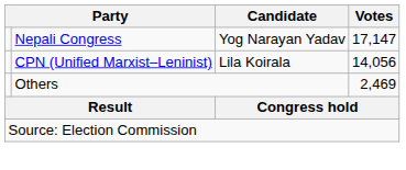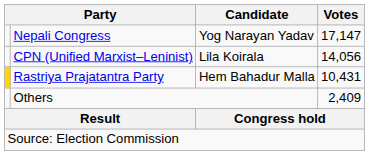 <table class="wikitable">
 <tr>
 <th colspan="2">Party</th>
 <th>Candidate</th>
 <th>Votes</th>
 </tr>
 <tr>
 <td style="background-color:"></td>
 <td><a href='#'>Nepali Congress</a></td>
 <td>Yog Narayan Yadav</td>
 <td style="text-align:right">17,147</td>
 </tr>
 <tr>
 <td style="background-color:"></td>
 <td><a href='#'>CPN (Unified Marxist–Leninist)</a></td>
 <td>Lila Koirala</td>
 <td style="text-align:right">14,056</td>
 </tr>
 <tr>
+<td style="background-color:gold"></td>
+<td><a href='#'>Rastriya Prajatantra Party</a></td>
+<td>Hem Bahadur Malla</td>
+<td style="text-align:right">10,431</td>
+</tr>
+<tr>
 <td></td>
 <td colspan="2">Others</td>
-<td style="text-align:right">2,469</td>
+<td style="text-align:right">2,409</td>
 </tr>
 <tr>
 <th colspan="2">Result</th>
 <th colspan="2">Congress hold</th>
 </tr>
 <tr>
 <td colspan="4">Source: Election Commission</td>
 </tr>
 </table>
